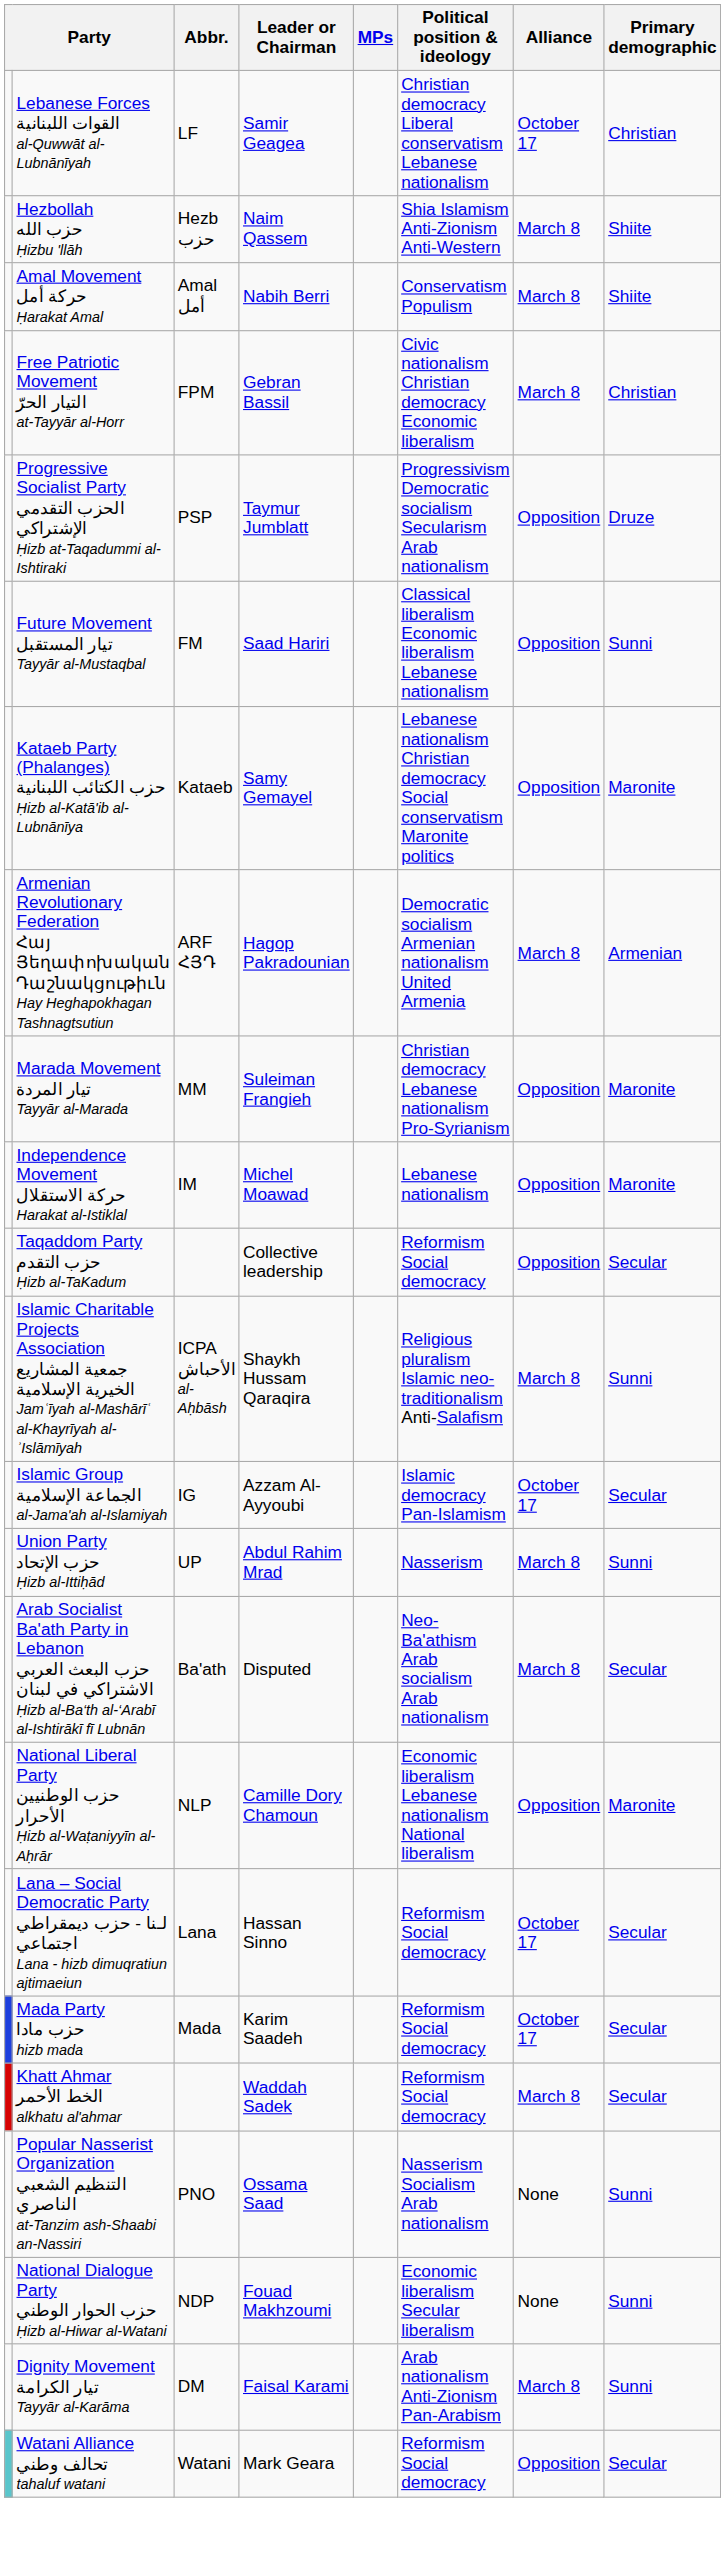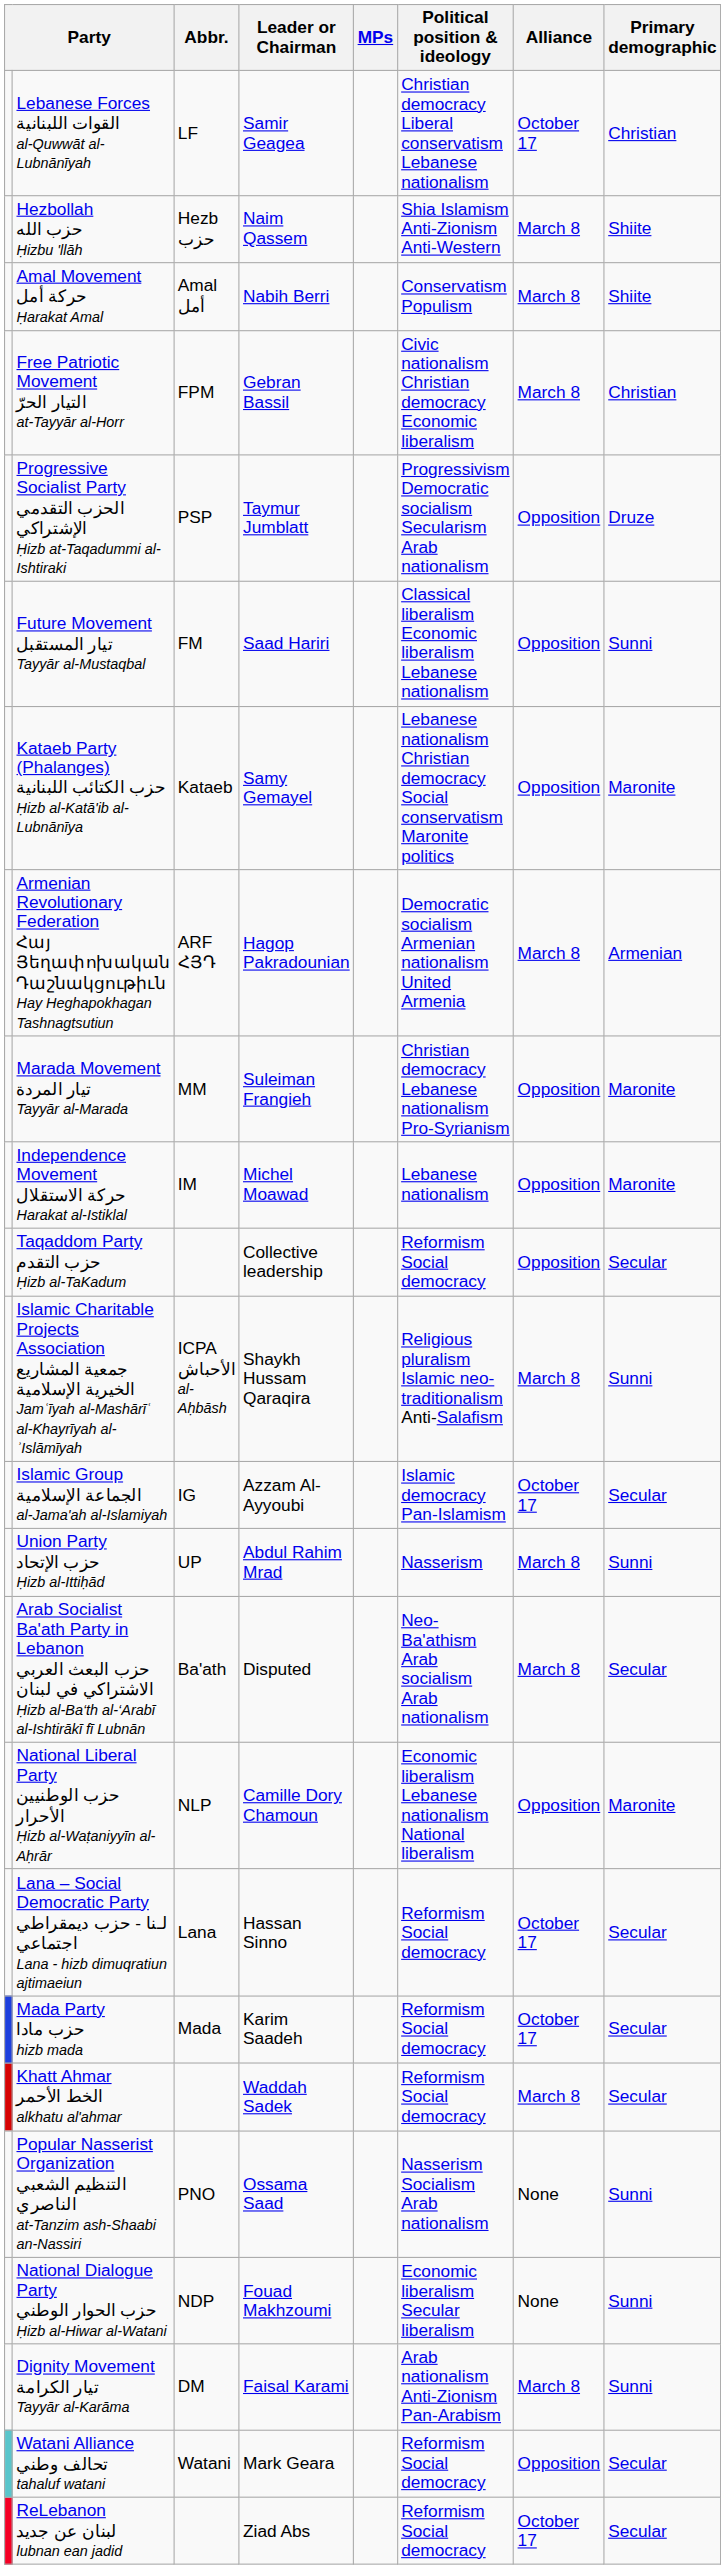 <table class="wikitable sortable">
 <tr>
 <th colspan=2>Party</th>
 <th>Abbr.</th>
 <th>Leader or Chairman</th>
 <th><a href='#'>MPs</a></th>
 <th>Political position & ideology</th>
 <th>Alliance</th>
 <th>Primary demographic</th>
 </tr>
 <tr>
 <td></td>
 <td><a href='#'>Lebanese Forces</a><br><span>القوات اللبنانية</span><br><small><em>al-Quwwāt al-Lubnānīyah</em></small></td>
 <td>LF</td>
 <td><a href='#'>Samir Geagea</a></td>
 <td></td>
 <td><a href='#'>Christian democracy</a><br><a href='#'>Liberal conservatism</a><br><a href='#'>Lebanese nationalism</a></td>
 <td><a href='#'>October 17</a></td>
 <td><a href='#'>Christian</a></td>
 </tr>
 <tr>
 <td></td>
 <td><a href='#'>Hezbollah</a><br><span>حزب الله</span><br><small><em>Ḥizbu 'llāh</em></small></td>
 <td>Hezb<br>حزب</td>
 <td><a href='#'>Naim Qassem</a></td>
 <td></td>
 <td><a href='#'>Shia Islamism</a><br><a href='#'>Anti-Zionism</a><br><a href='#'>Anti-Western</a></td>
 <td><a href='#'>March 8</a></td>
 <td><a href='#'>Shiite</a></td>
 </tr>
 <tr>
 <td></td>
 <td><a href='#'>Amal Movement</a><br><span>حركة أمل</span><br><small><em>Ḥarakat Amal</em></small></td>
 <td>Amal<br><span>أمل</span></td>
 <td><a href='#'>Nabih Berri</a></td>
 <td></td>
 <td><a href='#'>Conservatism</a><br><a href='#'>Populism</a></td>
 <td><a href='#'>March 8</a></td>
 <td><a href='#'>Shiite</a></td>
 </tr>
 <tr>
 <td></td>
 <td><a href='#'>Free Patriotic Movement</a><br><span>التيار الحرّ</span><br><small><em>at-Tayyār al-Horr</em></small></td>
 <td>FPM</td>
 <td><a href='#'>Gebran Bassil</a></td>
 <td></td>
 <td><a href='#'>Civic nationalism</a><br><a href='#'>Christian democracy</a><br><a href='#'>Economic liberalism</a></td>
 <td><a href='#'>March 8</a></td>
 <td><a href='#'>Christian</a></td>
 </tr>
 <tr>
 <td></td>
 <td><a href='#'>Progressive Socialist Party</a><br><span>الحزب التقدمي الإشتراكي</span><br><small><em>Ḥizb at-Taqadummi al-Ishtiraki</em></small></td>
 <td>PSP</td>
 <td><a href='#'>Taymur Jumblatt</a></td>
 <td></td>
 <td><a href='#'>Progressivism</a><br><a href='#'>Democratic socialism</a><br><a href='#'>Secularism</a><br><a href='#'>Arab nationalism</a></td>
 <td><a href='#'>Opposition</a></td>
 <td><a href='#'>Druze</a></td>
 </tr>
 <tr>
 <td></td>
 <td><a href='#'>Future Movement</a><br><span>تيار المستقبل</span><br><small><em>Tayyār al-Mustaqbal</em></small></td>
 <td>FM</td>
 <td><a href='#'>Saad Hariri</a></td>
 <td></td>
 <td><a href='#'>Classical liberalism</a><br><a href='#'>Economic liberalism</a><br><a href='#'>Lebanese nationalism</a></td>
 <td><a href='#'>Opposition</a></td>
 <td><a href='#'>Sunni</a></td>
 </tr>
 <tr>
 <td></td>
 <td><a href='#'>Kataeb Party (Phalanges)</a><br><span>حزب الكتائب اللبنانية</span><br><small><em>Ḥizb al-Katā'ib al-Lubnānīya</em></small></td>
 <td>Kataeb</td>
 <td><a href='#'>Samy Gemayel</a></td>
 <td></td>
 <td><a href='#'>Lebanese nationalism</a><br><a href='#'>Christian democracy</a><br><a href='#'>Social conservatism</a><br><a href='#'>Maronite politics</a></td>
 <td><a href='#'>Opposition</a></td>
 <td><a href='#'>Maronite</a></td>
 </tr>
 <tr>
 <td></td>
 <td><a href='#'>Armenian Revolutionary Federation</a><br>Հայ Յեղափոխական Դաշնակցութիւն<br><small><em>Hay Heghapokhagan Tashnagtsutiun</em></small></td>
 <td>ARF<br>ՀՅԴ</td>
 <td><a href='#'>Hagop Pakradounian</a></td>
 <td></td>
 <td><a href='#'>Democratic socialism</a><br><a href='#'>Armenian nationalism</a><br><a href='#'>United Armenia</a></td>
 <td><a href='#'>March 8</a></td>
 <td><a href='#'>Armenian</a></td>
 </tr>
 <tr>
 <td></td>
 <td><a href='#'>Marada Movement</a><br><span>تيار المردة</span><br><small><em>Tayyār al-Marada</em></small></td>
 <td>MM</td>
 <td><a href='#'>Suleiman Frangieh</a></td>
 <td></td>
 <td><a href='#'>Christian democracy</a><br><a href='#'>Lebanese nationalism</a><br><a href='#'>Pro-Syrianism</a></td>
 <td><a href='#'>Opposition</a></td>
 <td><a href='#'>Maronite</a></td>
 </tr>
 <tr>
 <td></td>
 <td><a href='#'>Independence Movement</a><br><span>حركة الاستقلال</span><br><small><em>Harakat al-Istiklal</em></small></td>
 <td>IM</td>
 <td><a href='#'>Michel Moawad</a></td>
 <td></td>
 <td><a href='#'>Lebanese nationalism</a></td>
 <td><a href='#'>Opposition</a></td>
 <td><a href='#'>Maronite</a></td>
 </tr>
 <tr>
 <td></td>
 <td><a href='#'>Taqaddom Party</a><br><span>حزب التقدم</span><br><small><em>Ḥizb al-TaKadum</em></small></td>
 <td></td>
 <td>Collective leadership</td>
 <td></td>
 <td><a href='#'>Reformism</a><br><a href='#'>Social democracy</a></td>
 <td><a href='#'>Opposition</a></td>
 <td><a href='#'>Secular</a></td>
 </tr>
 <tr>
 <td></td>
 <td><a href='#'>Islamic Charitable Projects Association</a><br><span>جمعية المشاريع الخيرية الإسلامية</span><br><small><em>Jamʿīyah al-Mashārīʿ al-Khayrīyah al-ʾIslāmīyah</em></small></td>
 <td>ICPA<br><span>الأحباش</span><br><small><em>al-Aḥbāsh</em></small></td>
 <td>Shaykh Hussam Qaraqira</td>
 <td></td>
 <td><a href='#'>Religious pluralism</a><br><a href='#'>Islamic neo-traditionalism</a><br>Anti-<a href='#'>Salafism</a></td>
 <td><a href='#'>March 8</a></td>
 <td><a href='#'>Sunni</a></td>
 </tr>
 <tr>
 <td></td>
 <td><a href='#'>Islamic Group</a><br><span>الجماعة الإسلامية</span><br><small><em>al-Jama'ah al-Islamiyah</em></small></td>
 <td>IG</td>
 <td>Azzam Al-Ayyoubi</td>
 <td></td>
 <td><a href='#'>Islamic democracy</a><br><a href='#'>Pan-Islamism</a></td>
 <td><a href='#'>October 17</a></td>
 <td><a href='#'>Secular</a></td>
 </tr>
 <tr>
 <td></td>
 <td><a href='#'>Union Party</a><br><span>حزب الإتحاد</span><br><small><em>Ḥizb al-Ittiḥād </em></small></td>
 <td>UP</td>
 <td><a href='#'>Abdul Rahim Mrad</a></td>
 <td></td>
 <td><a href='#'>Nasserism</a></td>
 <td><a href='#'>March 8</a></td>
 <td><a href='#'>Sunni</a></td>
 </tr>
 <tr>
 <td></td>
 <td><a href='#'>Arab Socialist Ba'ath Party in Lebanon</a><br><span>حزب البعث العربي الاشتراكي في لبنان</span><br><small><em>Ḥizb al-Ba‘th al-‘Arabī al-Ishtirākī fī Lubnān</em></small></td>
 <td>Ba'ath</td>
 <td>Disputed</td>
 <td></td>
 <td><a href='#'>Neo-Ba'athism</a><br><a href='#'>Arab socialism</a><br><a href='#'>Arab nationalism</a></td>
 <td><a href='#'>March 8</a></td>
 <td><a href='#'>Secular</a></td>
 </tr>
 <tr>
 <td></td>
 <td><a href='#'>National Liberal Party</a><br><span>حزب الوطنيين الأحرار</span><br><small><em>Ḥizb al-Waṭaniyyīn al-Aḥrār</em></small></td>
 <td>NLP</td>
 <td><a href='#'>Camille Dory Chamoun</a></td>
 <td></td>
 <td><a href='#'>Economic liberalism</a><br><a href='#'>Lebanese nationalism</a><br><a href='#'>National liberalism</a></td>
 <td><a href='#'>Opposition</a></td>
 <td><a href='#'>Maronite</a></td>
 </tr>
 <tr>
 <td></td>
 <td><a href='#'>Lana – Social Democratic Party</a><br><span>لـنا - حزب ديمقراطي اجتماعي</span><br><small><em>Lana - hizb dimuqratiun ajtimaeiun</em></small></td>
 <td>Lana</td>
 <td>Hassan Sinno</td>
 <td></td>
 <td><a href='#'>Reformism</a><br><a href='#'>Social democracy</a></td>
 <td><a href='#'>October 17</a></td>
 <td><a href='#'>Secular</a></td>
 </tr>
 <tr>
 <td bgcolor="#1E40DD"></td>
 <td><a href='#'>Mada Party</a><br><span>حزب مادا</span><br><em><small>hizb mada</small></em></td>
 <td>Mada</td>
 <td>Karim Saadeh</td>
 <td></td>
 <td><a href='#'>Reformism</a><br><a href='#'>Social democracy</a></td>
 <td><a href='#'>October 17</a></td>
 <td><a href='#'>Secular</a></td>
 </tr>
 <tr>
 <td bgcolor="#D60303"></td>
 <td><a href='#'>Khatt Ahmar</a><br><span>الخط الأحمر</span><br><em><small>alkhatu al'ahmar</small></em></td>
 <td></td>
 <td><a href='#'>Waddah Sadek</a></td>
 <td></td>
 <td><a href='#'>Reformism</a><br><a href='#'>Social democracy</a></td>
 <td><a href='#'>March 8</a></td>
 <td><a href='#'>Secular</a></td>
 </tr>
 <tr>
 <td></td>
 <td><a href='#'>Popular Nasserist Organization</a><br><span>التنظيم الشعبي الناصري</span><br><small><em>at-Tanzim ash-Shaabi an-Nassiri</em></small></td>
 <td>PNO</td>
 <td><a href='#'>Ossama Saad</a></td>
 <td></td>
 <td><a href='#'>Nasserism</a><br><a href='#'>Socialism</a><br><a href='#'>Arab nationalism</a></td>
 <td>None</td>
 <td><a href='#'>Sunni</a></td>
 </tr>
 <tr>
 <td></td>
 <td><a href='#'>National Dialogue Party</a><br><span>حزب الحوار الوطني</span><br><small><em>Ḥizb al-Hiwar al-Watani</em></small></td>
 <td>NDP</td>
 <td><a href='#'>Fouad Makhzoumi</a></td>
 <td></td>
 <td><a href='#'>Economic liberalism</a><br><a href='#'>Secular liberalism</a></td>
 <td>None</td>
 <td><a href='#'>Sunni</a></td>
 </tr>
 <tr>
 <td></td>
 <td><a href='#'>Dignity Movement</a><br><span>تيار الكرامة</span><br><small><em>Tayyār al-Karāma</em></small></td>
 <td>DM</td>
 <td><a href='#'>Faisal Karami</a></td>
 <td></td>
 <td><a href='#'>Arab nationalism</a><br><a href='#'>Anti-Zionism</a><br><a href='#'>Pan-Arabism</a></td>
 <td><a href='#'>March 8</a></td>
 <td><a href='#'>Sunni</a></td>
 </tr>
 <tr>
 <td bgcolor="#5AC5CB"></td>
 <td><a href='#'>Watani Alliance</a><br><span>تحالف وطني</span><br><small><em>tahaluf watani</em></small></td>
 <td>Watani</td>
 <td>Mark Geara</td>
 <td></td>
 <td><a href='#'>Reformism</a><br><a href='#'>Social democracy</a></td>
 <td><a href='#'>Opposition</a></td>
 <td><a href='#'>Secular</a></td>
 </tr>
+<tr>
+<td bgcolor="#F50025"></td>
+<td><a href='#'>ReLebanon</a><br><span>لبنان عن جديد</span><br><small><em>lubnan ean jadid</em></small></td>
+<td></td>
+<td>Ziad Abs</td>
+<td></td>
+<td><a href='#'>Reformism</a><br><a href='#'>Social democracy</a></td>
+<td><a href='#'>October 17</a></td>
+<td><a href='#'>Secular</a></td>
+</tr>
 </table>
